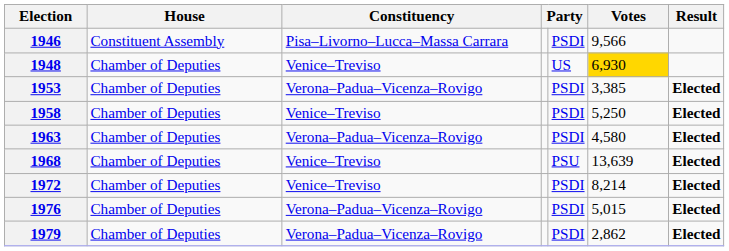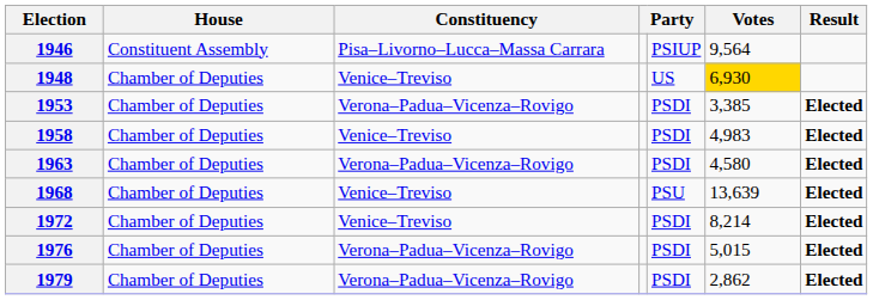 <table class=wikitable style="width:60%; border:1px #AAAAFF solid">
 <tr>
 <th width=12%>Election</th>
 <th width=30%>House</th>
 <th width=40%>Constituency</th>
 <th width=5% colspan="2">Party</th>
 <th width=12%>Votes</th>
 <th width=12%>Result</th>
 </tr>
 <tr>
 <th><a href='#'>1946</a></th>
 <td><a href='#'>Constituent Assembly</a></td>
 <td><a href='#'>Pisa–Livorno–Lucca–Massa Carrara</a></td>
 <td></td>
-<td><a href='#'>PSDI</a></td>
-<td>9,566</td>
+<td><a href='#'>PSIUP</a></td>
+<td>9,564</td>
 <td></td>
 </tr>
 <tr>
 <th><a href='#'>1948</a></th>
 <td><a href='#'>Chamber of Deputies</a></td>
 <td><a href='#'>Venice–Treviso</a></td>
 <td></td>
 <td><a href='#'>US</a></td>
 <td style="background: gold;">6,930</td>
 <td></td>
 </tr>
 <tr>
 <th><a href='#'>1953</a></th>
 <td><a href='#'>Chamber of Deputies</a></td>
 <td><a href='#'>Verona–Padua–Vicenza–Rovigo</a></td>
 <td></td>
 <td><a href='#'>PSDI</a></td>
 <td>3,385</td>
 <td> <strong>Elected</strong></td>
 </tr>
 <tr>
 <th><a href='#'>1958</a></th>
 <td><a href='#'>Chamber of Deputies</a></td>
 <td><a href='#'>Venice–Treviso</a></td>
 <td></td>
 <td><a href='#'>PSDI</a></td>
-<td>5,250</td>
+<td>4,983</td>
 <td> <strong>Elected</strong></td>
 </tr>
 <tr>
 <th><a href='#'>1963</a></th>
 <td><a href='#'>Chamber of Deputies</a></td>
 <td><a href='#'>Verona–Padua–Vicenza–Rovigo</a></td>
 <td></td>
 <td><a href='#'>PSDI</a></td>
 <td>4,580</td>
 <td> <strong>Elected</strong></td>
 </tr>
 <tr>
 <th><a href='#'>1968</a></th>
 <td><a href='#'>Chamber of Deputies</a></td>
 <td><a href='#'>Venice–Treviso</a></td>
 <td></td>
 <td><a href='#'>PSU</a></td>
 <td>13,639</td>
 <td> <strong>Elected</strong></td>
 </tr>
 <tr>
 <th><a href='#'>1972</a></th>
 <td><a href='#'>Chamber of Deputies</a></td>
 <td><a href='#'>Venice–Treviso</a></td>
 <td></td>
 <td><a href='#'>PSDI</a></td>
 <td>8,214</td>
 <td> <strong>Elected</strong></td>
 </tr>
 <tr>
 <th><a href='#'>1976</a></th>
 <td><a href='#'>Chamber of Deputies</a></td>
 <td><a href='#'>Verona–Padua–Vicenza–Rovigo</a></td>
 <td></td>
 <td><a href='#'>PSDI</a></td>
 <td>5,015</td>
 <td> <strong>Elected</strong></td>
 </tr>
 <tr>
 <th><a href='#'>1979</a></th>
 <td><a href='#'>Chamber of Deputies</a></td>
 <td><a href='#'>Verona–Padua–Vicenza–Rovigo</a></td>
 <td></td>
 <td><a href='#'>PSDI</a></td>
 <td>2,862</td>
 <td> <strong>Elected</strong></td>
 </tr>
 <tr>
 </tr>
 </table>
